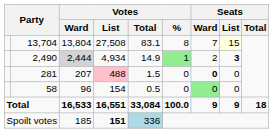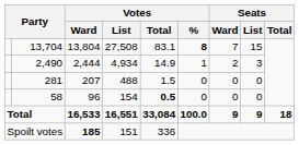 <table class=wikitable style="text-align:right">
 <tr>
 <th rowspan="2" colspan="2">Party</th>
 <th colspan="4" align="center">Votes</th>
 <th colspan="3" align="center">Seats</th>
 </tr>
 <tr>
 <th>Ward</th>
 <th>List</th>
 <th>Total</th>
 <th>%</th>
 <th>Ward</th>
 <th>List</th>
 <th>Total</th>
 </tr>
 <tr>
 <td></td>
 <td>13,704</td>
 <td>13,804</td>
 <td>27,508</td>
 <td>83.1</td>
-<td>8</td>
+<td><strong>8</strong></td>
 <td>7</td>
-<td style="background: lightyellow;">15</td>
+<td>15</td>
 </tr>
 <tr>
 <td></td>
 <td>2,490</td>
-<td style="background: lightgrey;">2,444</td>
+<td>2,444</td>
 <td>4,934</td>
 <td>14.9</td>
-<td style="background: lightgreen;">1</td>
+<td>1</td>
 <td>2</td>
-<td><strong>3</strong></td>
+<td>3</td>
 </tr>
 <tr>
 <td></td>
 <td>281</td>
 <td>207</td>
-<td style="background: pink;">488</td>
+<td>488</td>
 <td>1.5</td>
 <td>0</td>
-<td><strong>0</strong></td>
+<td>0</td>
 <td>0</td>
 </tr>
 <tr>
 <td></td>
 <td>58</td>
 <td>96</td>
 <td>154</td>
-<td>0.5</td>
+<td><strong>0.5</strong></td>
 <td>0</td>
-<td style="background: lightgreen;">0</td>
+<td>0</td>
 <td>0</td>
 </tr>
 <tr>
 <td colspan="2" style="text-align:left"><strong>Total</strong></td>
 <td><strong>16,533</strong></td>
 <td><strong>16,551</strong></td>
 <td><strong>33,084</strong></td>
 <td><strong>100.0</strong></td>
 <td><strong>9</strong></td>
 <td><strong>9</strong></td>
 <td><strong>18</strong></td>
 </tr>
 <tr>
 <td colspan="2" style="text-align:left">Spoilt votes</td>
-<td>185</td>
-<td><strong>151</strong></td>
-<td style="background: lightblue;">336</td>
+<td><strong>185</strong></td>
+<td>151</td>
+<td>336</td>
 </tr>
 </table>
